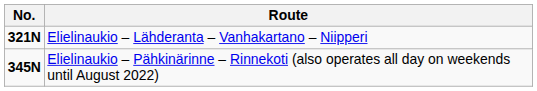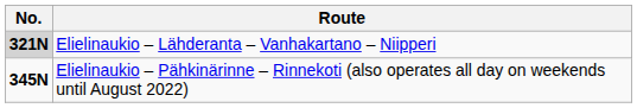 <table class="wikitable mw-collapsible mw-collapsed">
 <tr>
 <th>No.</th>
 <th>Route</th>
 </tr>
 <tr>
-<td><strong>321N</strong></td>
+<td style="background: lightgrey;"><strong>321N</strong></td>
 <td><a href='#'>Elielinaukio</a> – <a href='#'>Lähderanta</a> – <a href='#'>Vanhakartano</a> – <a href='#'>Niipperi</a></td>
 </tr>
 <tr>
 <td><strong>345N</strong></td>
 <td><a href='#'>Elielinaukio</a> – <a href='#'>Pähkinärinne</a> – <a href='#'>Rinnekoti</a> (also operates all day on weekends until August 2022)</td>
 </tr>
 </table>
